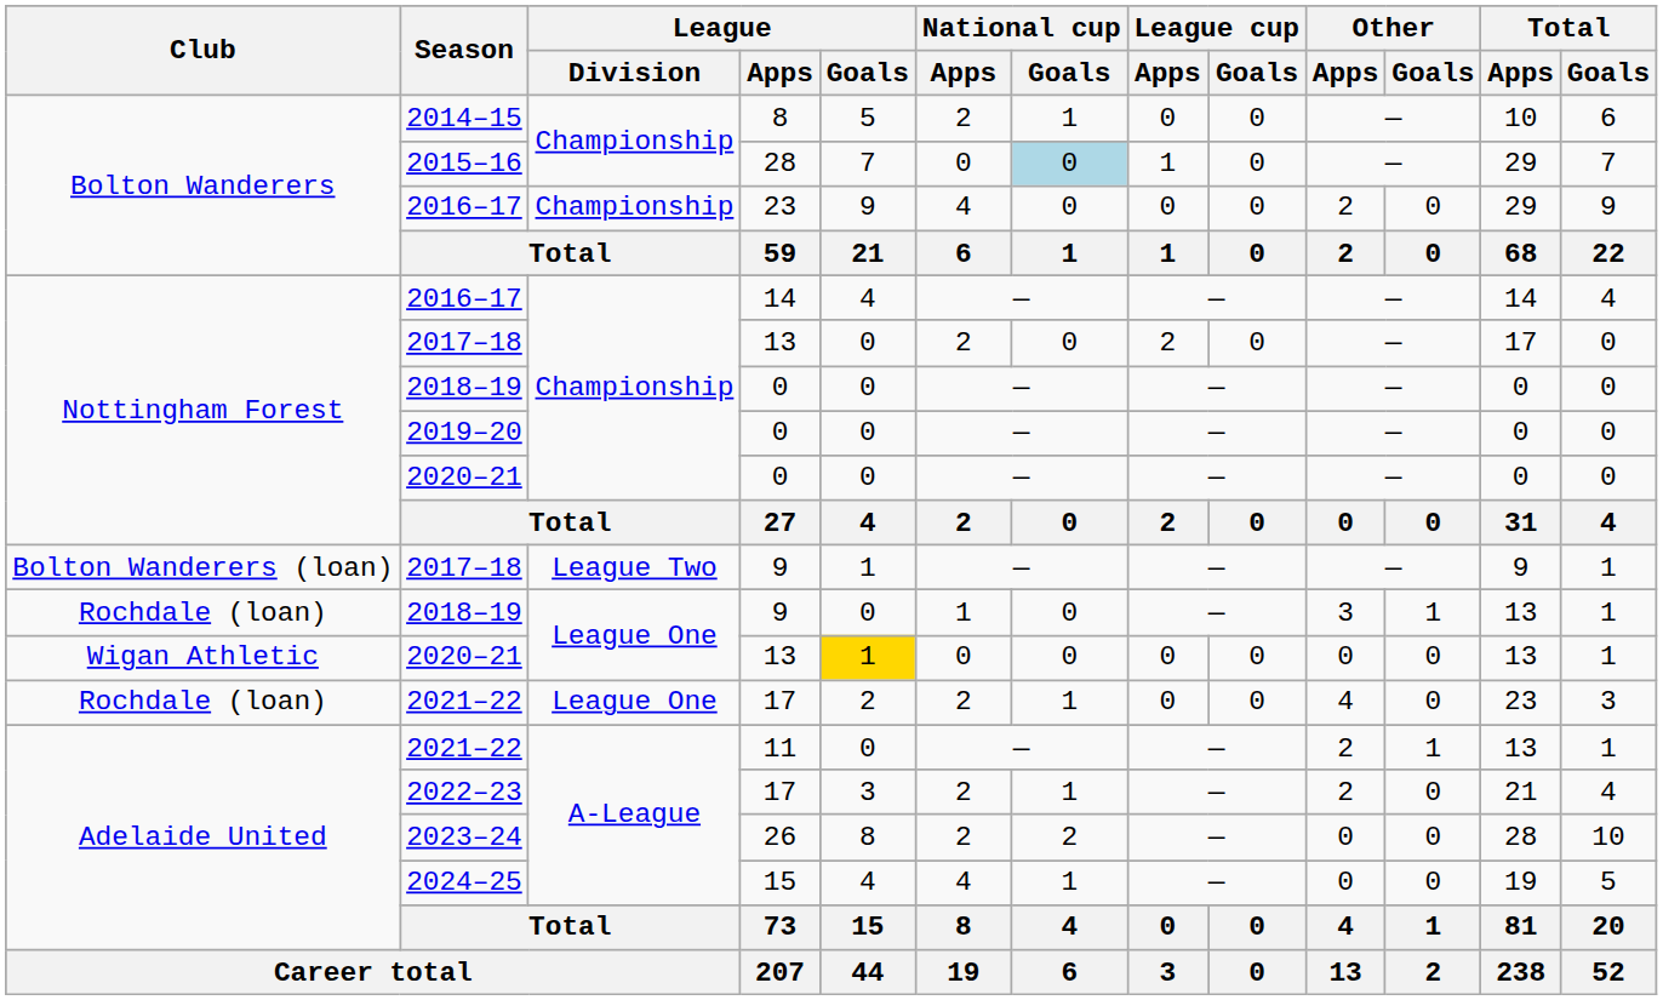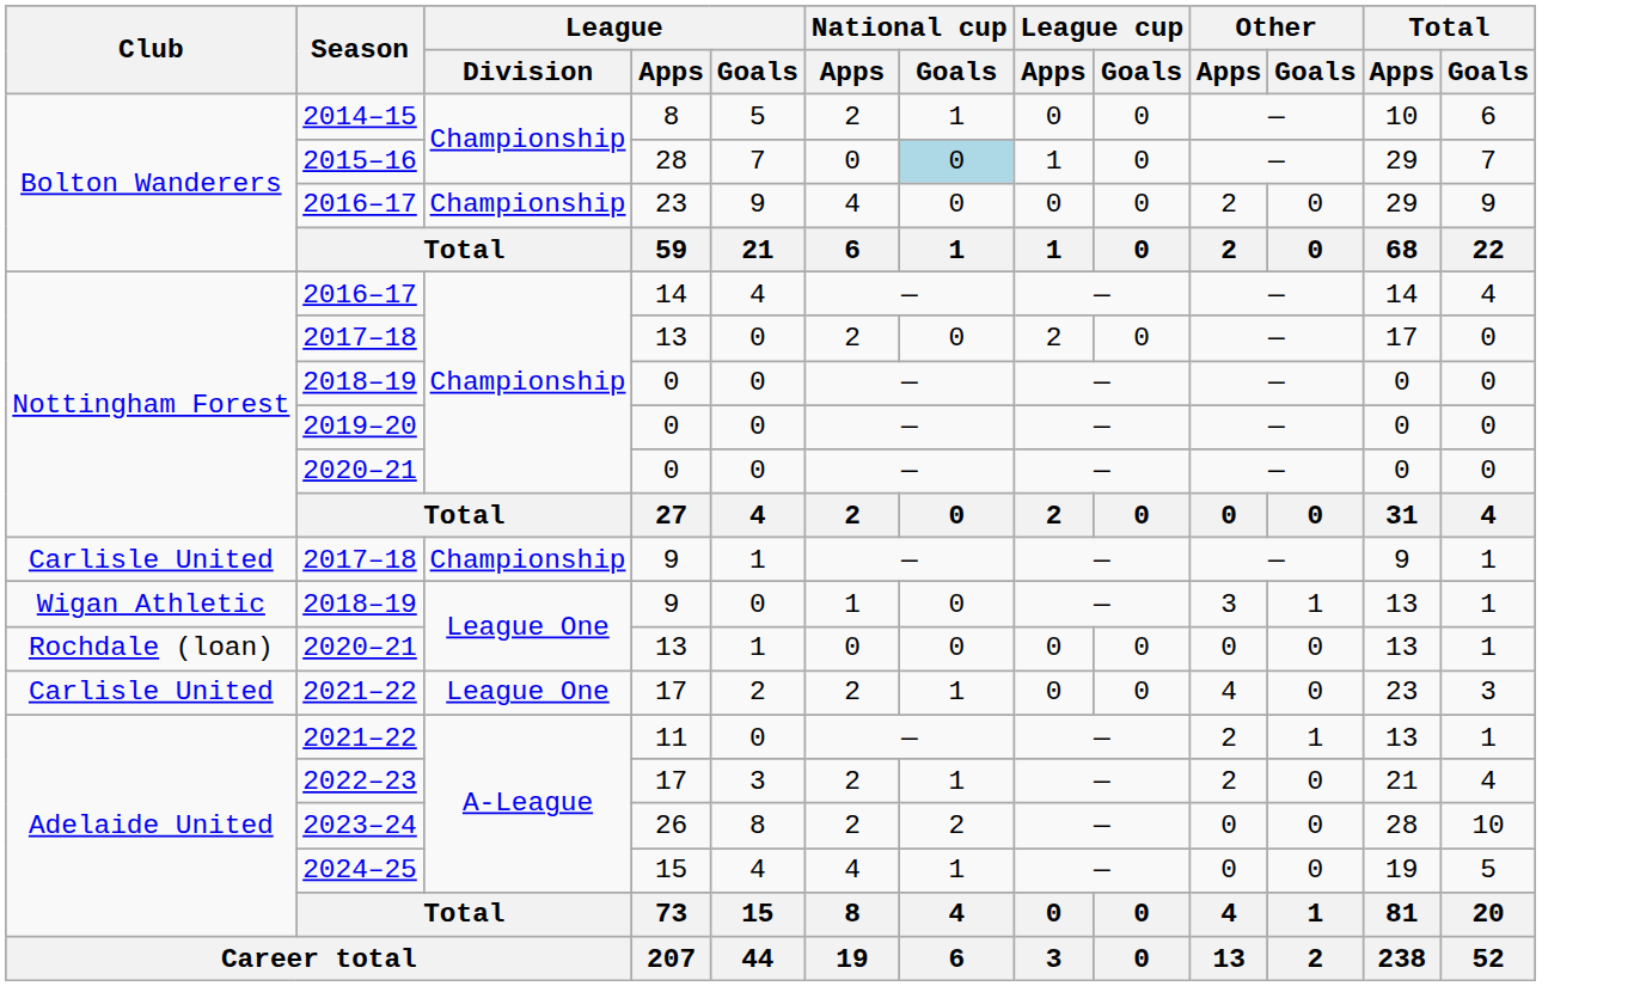 <table class="wikitable" style="text-align:center">
 <tr>
 <th rowspan="2">Club</th>
 <th rowspan="2">Season</th>
 <th colspan="3">League</th>
 <th colspan="2">National cup</th>
 <th colspan="2">League cup</th>
 <th colspan="2">Other</th>
 <th colspan="2">Total</th>
 </tr>
 <tr>
 <th>Division</th>
 <th>Apps</th>
 <th>Goals</th>
 <th>Apps</th>
 <th>Goals</th>
 <th>Apps</th>
 <th>Goals</th>
 <th>Apps</th>
 <th>Goals</th>
 <th>Apps</th>
 <th>Goals</th>
 </tr>
 <tr>
 <td rowspan="4"><a href='#'>Bolton Wanderers</a></td>
 <td><a href='#'>2014–15</a></td>
 <td rowspan="2"><a href='#'>Championship</a></td>
 <td>8</td>
 <td>5</td>
 <td>2</td>
 <td>1</td>
 <td>0</td>
 <td>0</td>
 <td colspan="2">—</td>
 <td>10</td>
 <td>6</td>
 </tr>
 <tr>
 <td><a href='#'>2015–16</a></td>
 <td>28</td>
 <td>7</td>
 <td>0</td>
 <td style="background: lightblue;">0</td>
 <td>1</td>
 <td>0</td>
 <td colspan="2">—</td>
 <td>29</td>
 <td>7</td>
 </tr>
 <tr>
 <td><a href='#'>2016–17</a></td>
 <td><a href='#'>Championship</a></td>
 <td>23</td>
 <td>9</td>
 <td>4</td>
 <td>0</td>
 <td>0</td>
 <td>0</td>
 <td>2</td>
 <td>0</td>
 <td>29</td>
 <td>9</td>
 </tr>
 <tr>
 <th colspan="2">Total</th>
 <th>59</th>
 <th>21</th>
 <th>6</th>
 <th>1</th>
 <th>1</th>
 <th>0</th>
 <th>2</th>
 <th>0</th>
 <th>68</th>
 <th>22</th>
 </tr>
 <tr>
 <td rowspan="6"><a href='#'>Nottingham Forest</a></td>
 <td><a href='#'>2016–17</a></td>
 <td rowspan="5"><a href='#'>Championship</a></td>
 <td>14</td>
 <td>4</td>
 <td colspan="2">—</td>
 <td colspan="2">—</td>
 <td colspan="2">—</td>
 <td>14</td>
 <td>4</td>
 </tr>
 <tr>
 <td><a href='#'>2017–18</a></td>
 <td>13</td>
 <td>0</td>
 <td>2</td>
 <td>0</td>
 <td>2</td>
 <td>0</td>
 <td colspan="2">—</td>
 <td>17</td>
 <td>0</td>
 </tr>
 <tr>
 <td><a href='#'>2018–19</a></td>
 <td>0</td>
 <td>0</td>
 <td colspan="2">—</td>
 <td colspan="2">—</td>
 <td colspan="2">—</td>
 <td>0</td>
 <td>0</td>
 </tr>
 <tr>
 <td><a href='#'>2019–20</a></td>
 <td>0</td>
 <td>0</td>
 <td colspan="2">—</td>
 <td colspan="2">—</td>
 <td colspan="2">—</td>
 <td>0</td>
 <td>0</td>
 </tr>
 <tr>
 <td><a href='#'>2020–21</a></td>
 <td>0</td>
 <td>0</td>
 <td colspan="2">—</td>
 <td colspan="2">—</td>
 <td colspan="2">—</td>
 <td>0</td>
 <td>0</td>
 </tr>
 <tr>
 <th colspan="2">Total</th>
 <th>27</th>
 <th>4</th>
 <th>2</th>
 <th>0</th>
 <th>2</th>
 <th>0</th>
 <th>0</th>
 <th>0</th>
 <th>31</th>
 <th>4</th>
 </tr>
 <tr>
-<td><a href='#'>Bolton Wanderers</a> (loan)</td>
+<td><a href='#'>Carlisle United</a></td>
 <td><a href='#'>2017–18</a></td>
-<td><a href='#'>League Two</a></td>
+<td><a href='#'>Championship</a></td>
 <td>9</td>
 <td>1</td>
 <td colspan="2">—</td>
 <td colspan="2">—</td>
 <td colspan="2">—</td>
 <td>9</td>
 <td>1</td>
 </tr>
 <tr>
-<td><a href='#'>Rochdale</a>  (loan)</td>
+<td><a href='#'>Wigan Athletic</a></td>
 <td><a href='#'>2018–19</a></td>
 <td rowspan="2"><a href='#'>League One</a></td>
 <td>9</td>
 <td>0</td>
 <td>1</td>
 <td>0</td>
 <td colspan="2">—</td>
 <td>3</td>
 <td>1</td>
 <td>13</td>
 <td>1</td>
 </tr>
 <tr>
-<td><a href='#'>Wigan Athletic</a></td>
+<td><a href='#'>Rochdale</a>  (loan)</td>
 <td><a href='#'>2020–21</a></td>
 <td>13</td>
-<td style="background: gold;">1</td>
+<td>1</td>
 <td>0</td>
 <td>0</td>
 <td>0</td>
 <td>0</td>
 <td>0</td>
 <td>0</td>
 <td>13</td>
 <td>1</td>
 </tr>
 <tr>
-<td><a href='#'>Rochdale</a>  (loan)</td>
+<td><a href='#'>Carlisle United</a></td>
 <td><a href='#'>2021–22</a></td>
 <td><a href='#'>League One</a></td>
 <td>17</td>
 <td>2</td>
 <td>2</td>
 <td>1</td>
 <td>0</td>
 <td>0</td>
 <td>4</td>
 <td>0</td>
 <td>23</td>
 <td>3</td>
 </tr>
 <tr>
 <td rowspan="5"><a href='#'>Adelaide United</a></td>
 <td><a href='#'>2021–22</a></td>
 <td rowspan="4"><a href='#'>A-League</a></td>
 <td>11</td>
 <td>0</td>
 <td colspan="2">—</td>
 <td colspan="2">—</td>
 <td>2</td>
 <td>1</td>
 <td>13</td>
 <td>1</td>
 </tr>
 <tr>
 <td><a href='#'>2022–23</a></td>
 <td>17</td>
 <td>3</td>
 <td>2</td>
 <td>1</td>
 <td colspan="2">—</td>
 <td>2</td>
 <td>0</td>
 <td>21</td>
 <td>4</td>
 </tr>
 <tr>
 <td><a href='#'>2023–24</a></td>
 <td>26</td>
 <td>8</td>
 <td>2</td>
 <td>2</td>
 <td colspan="2">—</td>
 <td>0</td>
 <td>0</td>
 <td>28</td>
 <td>10</td>
 </tr>
 <tr>
 <td><a href='#'>2024–25</a></td>
 <td>15</td>
 <td>4</td>
 <td>4</td>
 <td>1</td>
 <td colspan="2">—</td>
 <td>0</td>
 <td>0</td>
 <td>19</td>
 <td>5</td>
 </tr>
 <tr>
 <th colspan="2">Total</th>
 <th>73</th>
 <th>15</th>
 <th>8</th>
 <th>4</th>
 <th>0</th>
 <th>0</th>
 <th>4</th>
 <th>1</th>
 <th>81</th>
 <th>20</th>
 </tr>
 <tr>
 <th colspan="3">Career total</th>
 <th>207</th>
 <th>44</th>
 <th>19</th>
 <th>6</th>
 <th>3</th>
 <th>0</th>
 <th>13</th>
 <th>2</th>
 <th>238</th>
 <th>52</th>
 </tr>
 </table>
